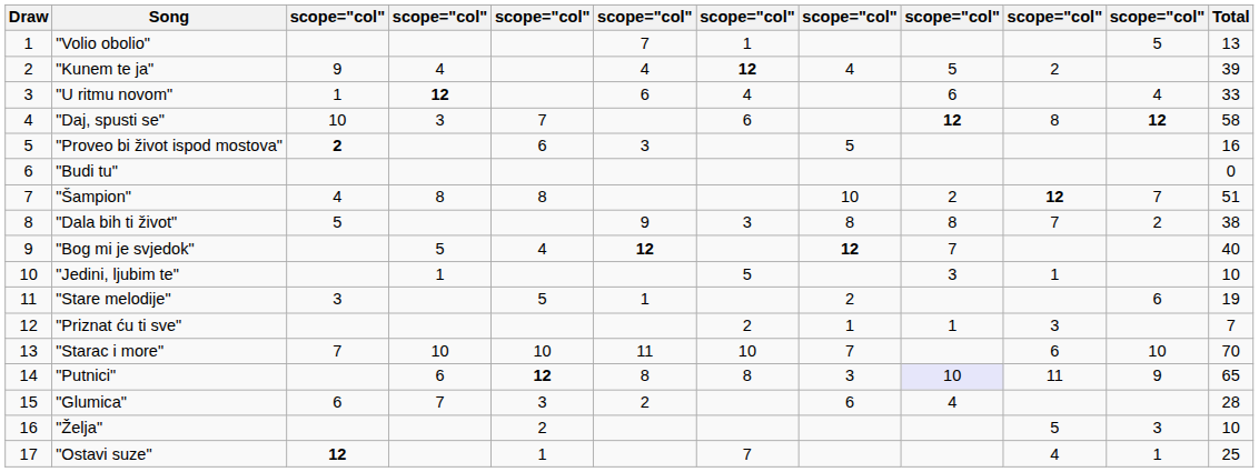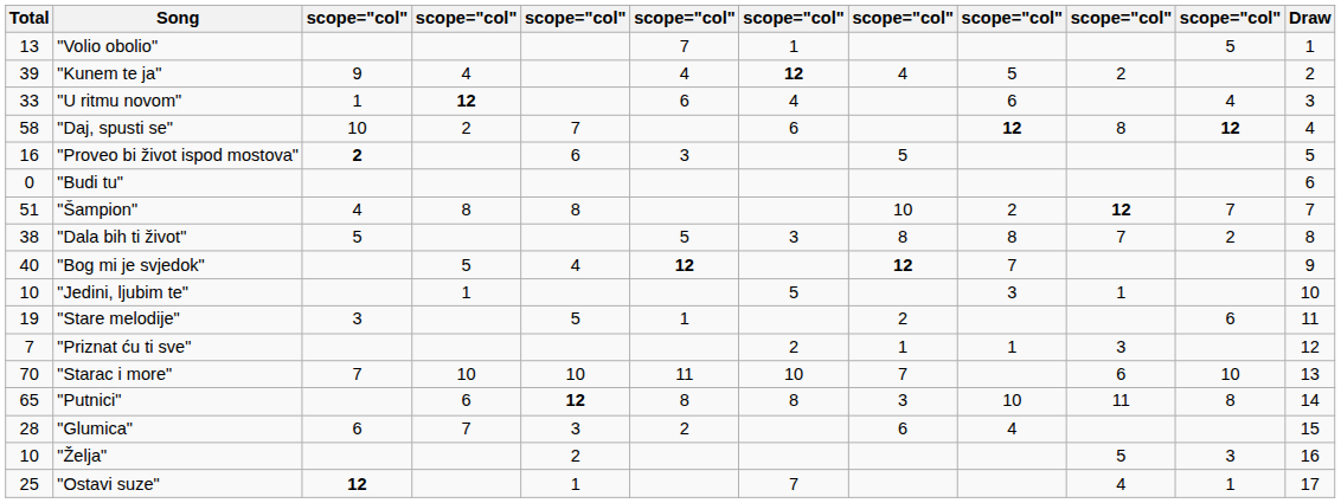 <table class="wikitable plainrowheaders" style="margin: 1em auto 1em auto; text-align:center">
 <tr>
-<th>Draw</th>
+<th>Total</th>
 <th>Song</th>
 <th>scope="col" </th>
 <th>scope="col" </th>
 <th>scope="col" </th>
 <th>scope="col" </th>
 <th>scope="col" </th>
 <th>scope="col" </th>
 <th>scope="col" </th>
 <th>scope="col" </th>
 <th>scope="col" </th>
-<th>Total</th>
+<th>Draw</th>
 </tr>
 <tr>
-<td>1</td>
+<td>13</td>
 <td align=left>"Volio obolio"</td>
 <td></td>
 <td></td>
 <td></td>
 <td>7</td>
 <td>1</td>
 <td></td>
 <td></td>
 <td></td>
 <td>5</td>
-<td>13</td>
+<td>1</td>
 </tr>
 <tr>
-<td>2</td>
+<td>39</td>
 <td align=left>"Kunem te ja"</td>
 <td>9</td>
 <td>4</td>
 <td></td>
 <td>4</td>
 <td><strong>12</strong></td>
 <td>4</td>
 <td>5</td>
 <td>2</td>
 <td></td>
-<td>39</td>
+<td>2</td>
 </tr>
 <tr>
-<td>3</td>
+<td>33</td>
 <td align=left>"U ritmu novom"</td>
 <td>1</td>
 <td><strong>12</strong></td>
 <td></td>
 <td>6</td>
 <td>4</td>
 <td></td>
 <td>6</td>
 <td></td>
 <td>4</td>
-<td>33</td>
+<td>3</td>
 </tr>
 <tr>
-<td>4</td>
+<td>58</td>
 <td align=left>"Daj, spusti se"</td>
 <td>10</td>
-<td>3</td>
+<td>2</td>
 <td>7</td>
 <td></td>
 <td>6</td>
 <td></td>
 <td><strong>12</strong></td>
 <td>8</td>
 <td><strong>12</strong></td>
-<td>58</td>
+<td>4</td>
 </tr>
 <tr>
-<td>5</td>
+<td>16</td>
 <td align=left>"Proveo bi život ispod mostova"</td>
 <td><strong>2</strong></td>
 <td></td>
 <td>6</td>
 <td>3</td>
 <td></td>
 <td>5</td>
 <td></td>
 <td></td>
 <td></td>
-<td>16</td>
+<td>5</td>
 </tr>
 <tr>
-<td>6</td>
+<td>0</td>
 <td align=left>"Budi tu"</td>
 <td></td>
 <td></td>
 <td></td>
 <td></td>
 <td></td>
 <td></td>
 <td></td>
 <td></td>
 <td></td>
-<td>0</td>
+<td>6</td>
 </tr>
 <tr>
-<td>7</td>
+<td>51</td>
 <td align=left>"Šampion"</td>
 <td>4</td>
 <td>8</td>
 <td>8</td>
 <td></td>
 <td></td>
 <td>10</td>
 <td>2</td>
 <td><strong>12</strong></td>
 <td>7</td>
-<td>51</td>
+<td>7</td>
 </tr>
 <tr>
-<td>8</td>
+<td>38</td>
 <td align=left>"Dala bih ti život"</td>
 <td>5</td>
 <td></td>
 <td></td>
-<td>9</td>
+<td>5</td>
 <td>3</td>
 <td>8</td>
 <td>8</td>
 <td>7</td>
 <td>2</td>
-<td>38</td>
+<td>8</td>
 </tr>
 <tr>
-<td>9</td>
+<td>40</td>
 <td align=left>"Bog mi je svjedok"</td>
 <td></td>
 <td>5</td>
 <td>4</td>
 <td><strong>12</strong></td>
 <td></td>
 <td><strong>12</strong></td>
 <td>7</td>
 <td></td>
 <td></td>
-<td>40</td>
+<td>9</td>
 </tr>
 <tr>
 <td>10</td>
 <td align=left>"Jedini, ljubim te"</td>
 <td></td>
 <td>1</td>
 <td></td>
 <td></td>
 <td>5</td>
 <td></td>
 <td>3</td>
 <td>1</td>
 <td></td>
 <td>10</td>
 </tr>
 <tr>
-<td>11</td>
+<td>19</td>
 <td align=left>"Stare melodije"</td>
 <td>3</td>
 <td></td>
 <td>5</td>
 <td>1</td>
 <td></td>
 <td>2</td>
 <td></td>
 <td></td>
 <td>6</td>
-<td>19</td>
+<td>11</td>
 </tr>
 <tr>
-<td>12</td>
+<td>7</td>
 <td align=left>"Priznat ću ti sve"</td>
 <td></td>
 <td></td>
 <td></td>
 <td></td>
 <td>2</td>
 <td>1</td>
 <td>1</td>
 <td>3</td>
 <td></td>
-<td>7</td>
+<td>12</td>
 </tr>
 <tr>
-<td>13</td>
+<td>70</td>
 <td align="left">"Starac i more"</td>
 <td>7</td>
 <td>10</td>
 <td>10</td>
 <td>11</td>
 <td>10</td>
 <td>7</td>
 <td></td>
 <td>6</td>
 <td>10</td>
-<td>70</td>
+<td>13</td>
 </tr>
 <tr>
-<td>14</td>
+<td>65</td>
 <td align="left">"Putnici"</td>
 <td></td>
 <td>6</td>
 <td><strong>12</strong></td>
 <td>8</td>
 <td>8</td>
 <td>3</td>
-<td style="background: lavender;">10</td>
+<td>10</td>
 <td>11</td>
-<td>9</td>
-<td>65</td>
+<td>8</td>
+<td>14</td>
 </tr>
 <tr>
-<td>15</td>
+<td>28</td>
 <td align="left">"Glumica"</td>
 <td>6</td>
 <td>7</td>
 <td>3</td>
 <td>2</td>
 <td></td>
 <td>6</td>
 <td>4</td>
 <td></td>
 <td></td>
-<td>28</td>
+<td>15</td>
 </tr>
 <tr>
-<td>16</td>
+<td>10</td>
 <td align="left">"Želja"</td>
 <td></td>
 <td></td>
 <td>2</td>
 <td></td>
 <td></td>
 <td></td>
 <td></td>
 <td>5</td>
 <td>3</td>
-<td>10</td>
+<td>16</td>
 </tr>
 <tr>
-<td>17</td>
+<td>25</td>
 <td align="left">"Ostavi suze"</td>
 <td><strong>12</strong></td>
 <td></td>
 <td>1</td>
 <td></td>
 <td>7</td>
 <td></td>
 <td></td>
 <td>4</td>
 <td>1</td>
-<td>25</td>
+<td>17</td>
 </tr>
 </table>
